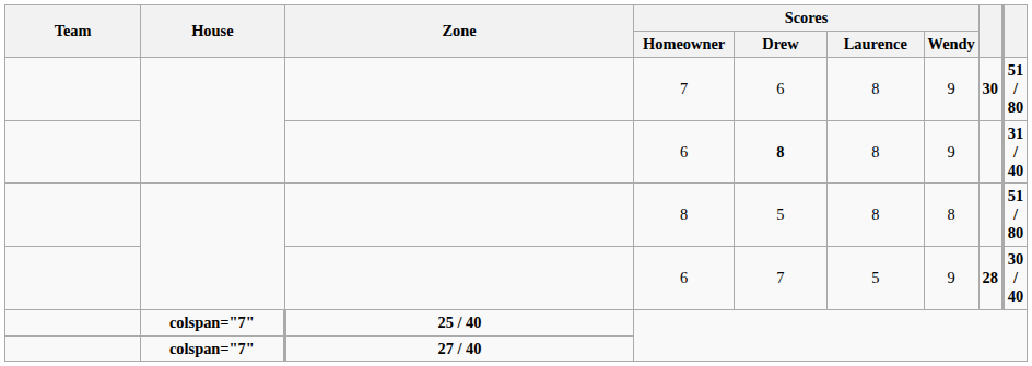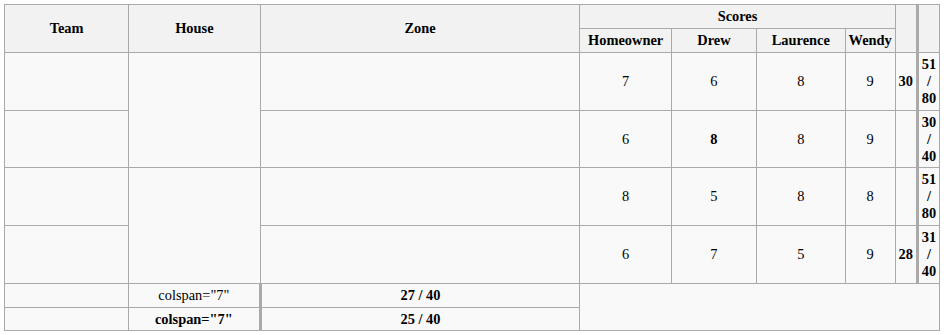 <table class="wikitable plainrowheaders" style="text-align:center; font-size:90%; width:65em;">
 <tr>
 <th rowspan="2">Team</th>
 <th rowspan="2">House</th>
 <th rowspan="2" style="width:40%;">Zone</th>
 <th colspan="4" style="width:30%;">Scores</th>
 <th rowspan="2" style="width:15%;"></th>
 <th rowspan="2" style="width:15%; border-left:3px solid #aaa;"></th>
 </tr>
 <tr>
 <th style="width:10%;">Homeowner</th>
 <th style="width:10%;">Drew</th>
 <th style="width:10%;">Laurence</th>
 <th style="width:10%;">Wendy</th>
 </tr>
 <tr>
 <td style="width:15%;"></td>
 <td rowspan=2 style="width:15%;"><br></td>
 <td></td>
 <td>7</td>
 <td>6</td>
 <td>8</td>
 <td>9</td>
 <td><strong>30</strong></td>
 <td style="border-left:3px solid #aaa;"><strong>51 / 80</strong></td>
 </tr>
 <tr>
 <td style="width:15%;"></td>
 <td></td>
 <td>6</td>
 <td><strong>8</strong></td>
 <td>8</td>
 <td>9</td>
 <td></td>
-<td style="border-left:3px solid #aaa;"><strong>31 / 40</strong></td>
+<td style="border-left:3px solid #aaa;"><strong>30 / 40</strong></td>
 </tr>
 <tr>
 <td style="width:15%;"></td>
 <td rowspan=2 style="width:15%;"><br></td>
 <td></td>
 <td>8</td>
 <td>5</td>
 <td>8</td>
 <td>8</td>
 <td></td>
 <td style="border-left:3px solid #aaa;"><strong>51 / 80</strong></td>
 </tr>
 <tr>
 <td style="width:15%;"></td>
 <td></td>
 <td>6</td>
 <td>7</td>
 <td>5</td>
 <td>9</td>
 <td><strong>28</strong></td>
-<td style="border-left:3px solid #aaa;"><strong>30 / 40</strong></td>
+<td style="border-left:3px solid #aaa;"><strong>31 / 40</strong></td>
+</tr>
+<tr>
+<td style="width:15%;"></td>
+<td>colspan="7" </td>
+<td style="border-left:3px solid #aaa;"><strong>27 / 40</strong></td>
 </tr>
 <tr>
 <td style="width:15%;"></td>
 <td><strong>colspan="7" </strong></td>
 <td style="border-left:3px solid #aaa;"><strong>25 / 40</strong></td>
 </tr>
-<tr>
-<td style="width:15%;"></td>
-<td><strong>colspan="7" </strong></td>
-<td style="border-left:3px solid #aaa;"><strong>27 / 40</strong></td>
-</tr>
 </table>
